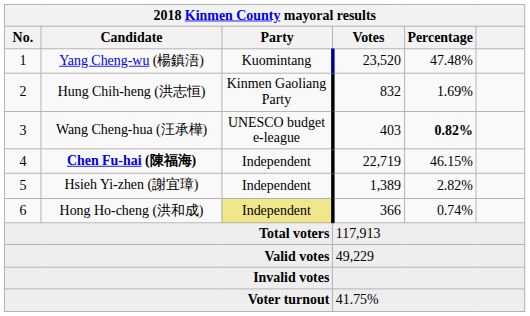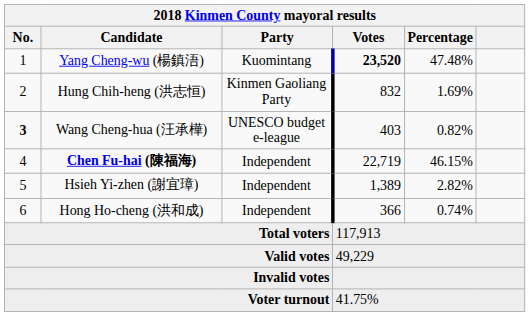 <table class="wikitable collapsible" style="text-align:center">
 <tr>
 <th colspan="6">2018 <a href='#'>Kinmen County</a> mayoral results</th>
 </tr>
 <tr>
 <th width=35>No.</th>
 <th width=200>Candidate</th>
 <th width=120>Party</th>
 <th width=75>Votes</th>
 <th width=75>Percentage</th>
 <th width=49></th>
 </tr>
 <tr>
 <td>1</td>
 <td><a href='#'>Yang Cheng-wu</a> (楊鎮浯)</td>
 <td> Kuomintang</td>
-<td style="border-left:4px solid #000099;" align="right">23,520</td>
+<td style="border-left:4px solid #000099;" align="right"><strong>23,520</strong></td>
 <td align="right">47.48%</td>
 <td align="center"></td>
 </tr>
 <tr>
 <td>2</td>
 <td>Hung Chih-heng (洪志恒)</td>
 <td>Kinmen Gaoliang Party</td>
 <td style="border-left:4px solid #000000;" align="right">832</td>
 <td align="right">1.69%</td>
 <td align="center"></td>
 </tr>
 <tr>
-<td>3</td>
+<td><strong>3</strong></td>
 <td>Wang Cheng-hua (汪承樺)</td>
 <td>UNESCO budget e-league</td>
 <td style="border-left:4px solid #000000;" align="right">403</td>
-<td align="right"><strong>0.82%</strong></td>
+<td align="right">0.82%</td>
 <td align="center"></td>
 </tr>
 <tr>
 <td>4</td>
 <td><strong><a href='#'>Chen Fu-hai</a> (陳福海)</strong></td>
 <td> Independent</td>
 <td style="border-left:4px solid #000000;" align="right">22,719</td>
 <td align="right">46.15%</td>
 <td align="center"></td>
 </tr>
 <tr>
 <td>5</td>
 <td>Hsieh Yi-zhen (謝宜璋)</td>
 <td> Independent</td>
 <td style="border-left:4px solid #000000;" align="right">1,389</td>
 <td align="right">2.82%</td>
 <td align="center"></td>
 </tr>
 <tr>
 <td>6</td>
 <td>Hong Ho-cheng (洪和成)</td>
-<td style="background: khaki;"> Independent</td>
+<td> Independent</td>
 <td style="border-left:4px solid #000000;" align="right">366</td>
 <td align="right">0.74%</td>
 <td align="center"></td>
 </tr>
 <tr bgcolor=EEEEEE>
 <td colspan="3" align="right"><strong>Total voters</strong></td>
 <td colspan="3" align="left">117,913</td>
 </tr>
 <tr bgcolor=EEEEEE>
 <td colspan="3" align="right"><strong>Valid votes</strong></td>
 <td colspan="3" align="left">49,229</td>
 </tr>
 <tr bgcolor=EEEEEE>
 <td colspan="3" align="right"><strong>Invalid votes</strong></td>
 <td colspan="3" align="left"></td>
 </tr>
 <tr bgcolor=EEEEEE>
 <td colspan="3" align="right"><strong>Voter turnout</strong></td>
 <td colspan="3" align="left">41.75%</td>
 </tr>
 </table>
